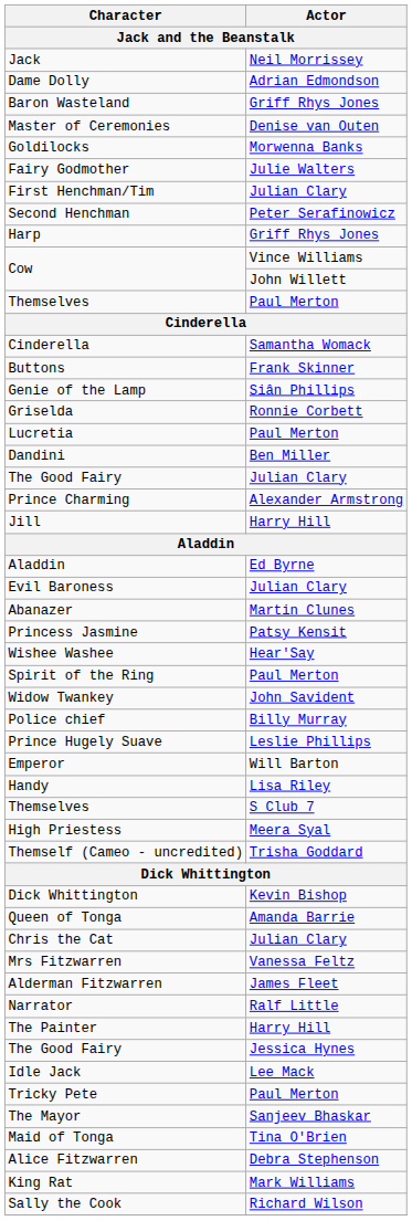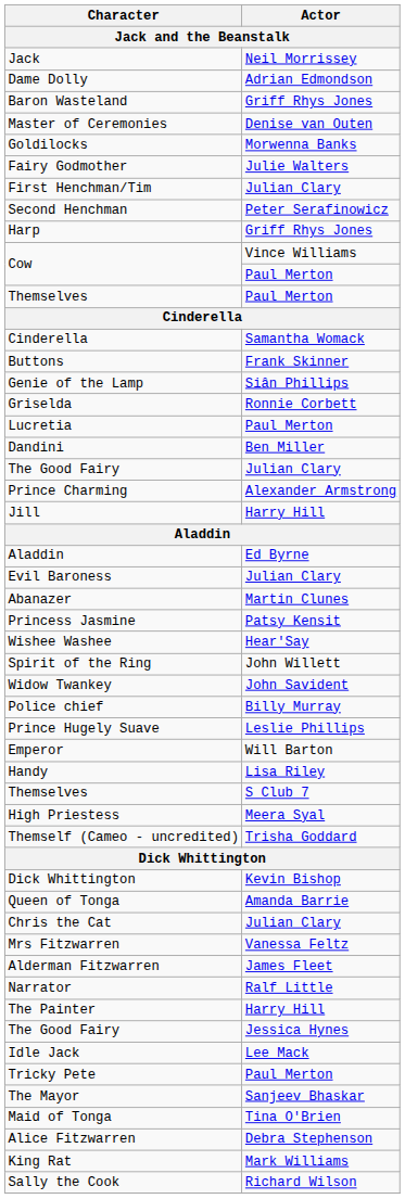 <table class="wikitable" border="1">
 <tr>
 <th>Character</th>
 <th>Actor</th>
 </tr>
 <tr>
 <th Colspan=2>Jack and the Beanstalk</th>
 </tr>
 <tr>
 <td>Jack</td>
 <td><a href='#'>Neil Morrissey</a></td>
 </tr>
 <tr>
 <td>Dame Dolly</td>
 <td><a href='#'>Adrian Edmondson</a></td>
 </tr>
 <tr>
 <td>Baron Wasteland</td>
 <td><a href='#'>Griff Rhys Jones</a></td>
 </tr>
 <tr>
 <td>Master of Ceremonies</td>
 <td><a href='#'>Denise van Outen</a></td>
 </tr>
 <tr>
 <td>Goldilocks</td>
 <td><a href='#'>Morwenna Banks</a></td>
 </tr>
 <tr>
 <td>Fairy Godmother</td>
 <td><a href='#'>Julie Walters</a></td>
 </tr>
 <tr>
 <td>First Henchman/Tim</td>
 <td><a href='#'>Julian Clary</a></td>
 </tr>
 <tr>
 <td>Second Henchman</td>
 <td><a href='#'>Peter Serafinowicz</a></td>
 </tr>
 <tr>
 <td>Harp</td>
 <td><a href='#'>Griff Rhys Jones</a></td>
 </tr>
 <tr>
 <td rowspan=2>Cow</td>
 <td>Vince Williams</td>
 </tr>
 <tr>
-<td>John Willett</td>
+<td><a href='#'>Paul Merton</a></td>
 </tr>
 <tr>
 <td>Themselves</td>
 <td><a href='#'>Paul Merton</a></td>
 </tr>
 <tr>
 <th colspan=2>Cinderella</th>
 </tr>
 <tr>
 <td>Cinderella</td>
 <td><a href='#'>Samantha Womack</a></td>
 </tr>
 <tr>
 <td>Buttons</td>
 <td><a href='#'>Frank Skinner</a></td>
 </tr>
 <tr>
 <td>Genie of the Lamp</td>
 <td><a href='#'>Siân Phillips</a></td>
 </tr>
 <tr>
 <td>Griselda</td>
 <td><a href='#'>Ronnie Corbett</a></td>
 </tr>
 <tr>
 <td>Lucretia</td>
 <td><a href='#'>Paul Merton</a></td>
 </tr>
 <tr>
 <td>Dandini</td>
 <td><a href='#'>Ben Miller</a></td>
 </tr>
 <tr>
 <td>The Good Fairy</td>
 <td><a href='#'>Julian Clary</a></td>
 </tr>
 <tr>
 <td>Prince Charming</td>
 <td><a href='#'>Alexander Armstrong</a></td>
 </tr>
 <tr>
 <td>Jill</td>
 <td><a href='#'>Harry Hill</a></td>
 </tr>
 <tr>
 <th Colspan=2>Aladdin</th>
 </tr>
 <tr>
 <td>Aladdin</td>
 <td><a href='#'>Ed Byrne</a></td>
 </tr>
 <tr>
 <td>Evil Baroness</td>
 <td><a href='#'>Julian Clary</a></td>
 </tr>
 <tr>
 <td>Abanazer</td>
 <td><a href='#'>Martin Clunes</a></td>
 </tr>
 <tr>
 <td>Princess Jasmine</td>
 <td><a href='#'>Patsy Kensit</a></td>
 </tr>
 <tr>
 <td>Wishee Washee</td>
 <td><a href='#'>Hear'Say</a></td>
 </tr>
 <tr>
 <td>Spirit of the Ring</td>
-<td><a href='#'>Paul Merton</a></td>
+<td>John Willett</td>
 </tr>
 <tr>
 <td>Widow Twankey</td>
 <td><a href='#'>John Savident</a></td>
 </tr>
 <tr>
 <td>Police chief</td>
 <td><a href='#'>Billy Murray</a></td>
 </tr>
 <tr>
 <td>Prince Hugely Suave</td>
 <td><a href='#'>Leslie Phillips</a></td>
 </tr>
 <tr>
 <td>Emperor</td>
 <td>Will Barton</td>
 </tr>
 <tr>
 <td>Handy</td>
 <td><a href='#'>Lisa Riley</a></td>
 </tr>
 <tr>
 <td>Themselves</td>
 <td><a href='#'>S Club 7</a></td>
 </tr>
 <tr>
 <td>High Priestess</td>
 <td><a href='#'>Meera Syal</a></td>
 </tr>
 <tr>
 <td>Themself (Cameo - uncredited)</td>
 <td><a href='#'>Trisha Goddard</a></td>
 </tr>
 <tr>
 <th colspan=2>Dick Whittington</th>
 </tr>
 <tr>
 <td>Dick Whittington</td>
 <td><a href='#'>Kevin Bishop</a></td>
 </tr>
 <tr>
 <td>Queen of Tonga</td>
 <td><a href='#'>Amanda Barrie</a></td>
 </tr>
 <tr>
 <td>Chris the Cat</td>
 <td><a href='#'>Julian Clary</a></td>
 </tr>
 <tr>
 <td>Mrs Fitzwarren</td>
 <td><a href='#'>Vanessa Feltz</a></td>
 </tr>
 <tr>
 <td>Alderman Fitzwarren</td>
 <td><a href='#'>James Fleet</a></td>
 </tr>
 <tr>
 <td>Narrator</td>
 <td><a href='#'>Ralf Little</a></td>
 </tr>
 <tr>
 <td>The Painter</td>
 <td><a href='#'>Harry Hill</a></td>
 </tr>
 <tr>
 <td>The Good Fairy</td>
 <td><a href='#'>Jessica Hynes</a></td>
 </tr>
 <tr>
 <td>Idle Jack</td>
 <td><a href='#'>Lee Mack</a></td>
 </tr>
 <tr>
 <td>Tricky Pete</td>
 <td><a href='#'>Paul Merton</a></td>
 </tr>
 <tr>
 <td>The Mayor</td>
 <td><a href='#'>Sanjeev Bhaskar</a></td>
 </tr>
 <tr>
 <td>Maid of Tonga</td>
 <td><a href='#'>Tina O'Brien</a></td>
 </tr>
 <tr>
 <td>Alice Fitzwarren</td>
 <td><a href='#'>Debra Stephenson</a></td>
 </tr>
 <tr>
 <td>King Rat</td>
 <td><a href='#'>Mark Williams</a></td>
 </tr>
 <tr>
 <td>Sally the Cook</td>
 <td><a href='#'>Richard Wilson</a></td>
 </tr>
 <tr>
 </tr>
 </table>
